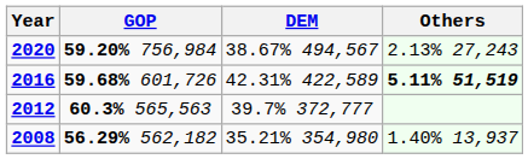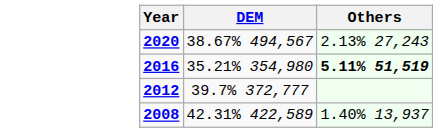 <table class="wikitable" class="toccolours" style="float:right; margin:1em 0 1em 1em; font-size:95%;">
 <tr>
 <th>Year</th>
-<th><a href='#'>GOP</a></th>
 <th><a href='#'>DEM</a></th>
 <th>Others</th>
 </tr>
 <tr>
 <td style="text-align:center; "><strong><a href='#'>2020</a></strong></td>
-<td style="text-align:center; "><strong>59.20%</strong> <em>756,984</em></td>
 <td style="text-align:center; ">38.67% <em>494,567</em></td>
 <td style="text-align:center; background:honeyDew;">2.13% <em>27,243</em></td>
 </tr>
 <tr>
 <td style="text-align:center; "><strong><a href='#'>2016</a></strong></td>
-<td style="text-align:center; "><strong>59.68%</strong> <em>601,726</em></td>
-<td style="text-align:center; ">42.31% <em>422,589</em></td>
+<td style="text-align:center; ">35.21% <em>354,980</em></td>
 <td style="text-align:center; background:honeyDew;"><strong>5.11% <em>51,519</em></strong></td>
 </tr>
 <tr>
 <td style="text-align:center; "><strong><a href='#'>2012</a></strong></td>
-<td style="text-align:center; "><strong>60.3%</strong> <em>565,563</em></td>
 <td style="text-align:center; ">39.7% <em>372,777</em></td>
 <td style="text-align:center; background:honeyDew;"></td>
 </tr>
 <tr>
 <td style="text-align:center; "><strong><a href='#'>2008</a></strong></td>
-<td style="text-align:center; "><strong>56.29%</strong> <em>562,182</em></td>
-<td style="text-align:center; ">35.21% <em>354,980</em></td>
+<td style="text-align:center; ">42.31% <em>422,589</em></td>
 <td style="text-align:center; background:honeyDew;">1.40% <em>13,937</em></td>
 </tr>
 </table>
